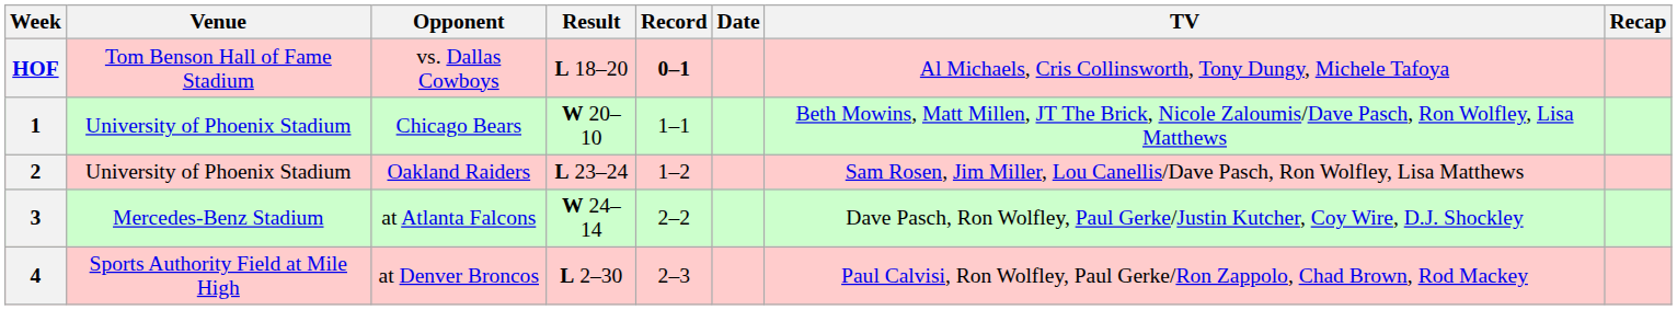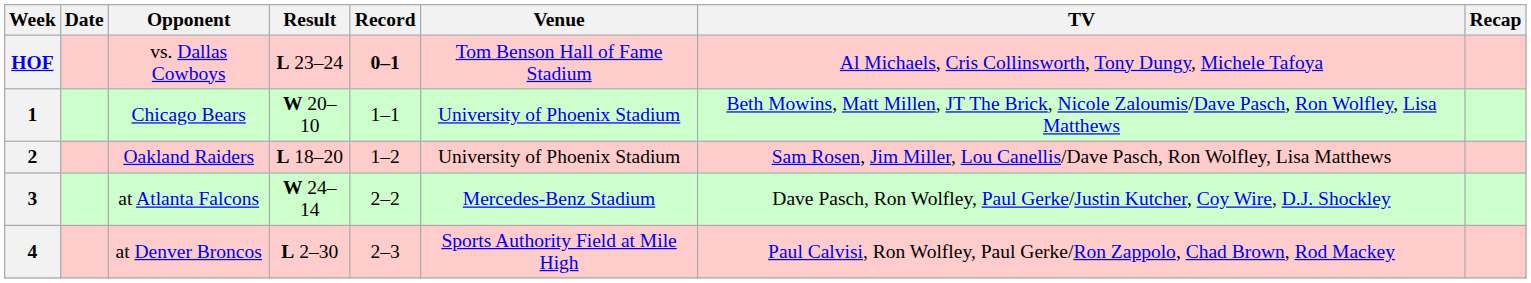 <table class="wikitable" style="text-align:center">
 <tr>
 <th>Week</th>
-<th>Venue</th>
+<th>Date</th>
 <th>Opponent</th>
 <th>Result</th>
 <th>Record</th>
-<th>Date</th>
+<th>Venue</th>
 <th>TV</th>
 <th>Recap</th>
 </tr>
 <tr style="background:#fcc">
 <th><a href='#'>HOF</a></th>
+<td></td>
+<td>vs. <a href='#'>Dallas Cowboys</a></td>
+<td><strong>L</strong> 23–24</td>
+<td><strong>0–1</strong></td>
 <td><a href='#'>Tom Benson Hall of Fame Stadium</a><br></td>
-<td>vs. <a href='#'>Dallas Cowboys</a></td>
-<td><strong>L</strong> 18–20</td>
-<td><strong>0–1</strong></td>
-<td></td>
 <td><a href='#'>Al Michaels</a>, <a href='#'>Cris Collinsworth</a>, <a href='#'>Tony Dungy</a>, <a href='#'>Michele Tafoya</a></td>
 <td></td>
 </tr>
 <tr style="background:#cfc">
 <th>1</th>
-<td><a href='#'>University of Phoenix Stadium</a></td>
+<td></td>
 <td><a href='#'>Chicago Bears</a></td>
 <td><strong>W</strong> 20–10</td>
 <td>1–1</td>
-<td></td>
+<td><a href='#'>University of Phoenix Stadium</a></td>
 <td><a href='#'>Beth Mowins</a>, <a href='#'>Matt Millen</a>, <a href='#'>JT The Brick</a>, <a href='#'>Nicole Zaloumis</a>/<a href='#'>Dave Pasch</a>, <a href='#'>Ron Wolfley</a>, <a href='#'>Lisa Matthews</a></td>
 <td></td>
 </tr>
 <tr style="background:#fcc">
 <th>2</th>
+<td></td>
+<td><a href='#'>Oakland Raiders</a></td>
+<td><strong>L</strong> 18–20</td>
+<td>1–2</td>
 <td>University of Phoenix Stadium</td>
-<td><a href='#'>Oakland Raiders</a></td>
-<td><strong>L</strong> 23–24</td>
-<td>1–2</td>
-<td></td>
 <td><a href='#'>Sam Rosen</a>, <a href='#'>Jim Miller</a>, <a href='#'>Lou Canellis</a>/Dave Pasch, Ron Wolfley, Lisa Matthews</td>
 <td></td>
 </tr>
 <tr style="background:#cfc">
 <th>3</th>
-<td><a href='#'>Mercedes-Benz Stadium</a></td>
+<td></td>
 <td>at <a href='#'>Atlanta Falcons</a></td>
 <td><strong>W</strong> 24–14</td>
 <td>2–2</td>
-<td></td>
+<td><a href='#'>Mercedes-Benz Stadium</a></td>
 <td>Dave Pasch, Ron Wolfley, <a href='#'>Paul Gerke</a>/<a href='#'>Justin Kutcher</a>, <a href='#'>Coy Wire</a>, <a href='#'>D.J. Shockley</a></td>
 <td></td>
 </tr>
 <tr style="background:#fcc">
 <th>4</th>
-<td><a href='#'>Sports Authority Field at Mile High</a></td>
+<td></td>
 <td>at <a href='#'>Denver Broncos</a></td>
 <td><strong>L</strong> 2–30</td>
 <td>2–3</td>
-<td></td>
+<td><a href='#'>Sports Authority Field at Mile High</a></td>
 <td><a href='#'>Paul Calvisi</a>, Ron Wolfley, Paul Gerke/<a href='#'>Ron Zappolo</a>, <a href='#'>Chad Brown</a>, <a href='#'>Rod Mackey</a></td>
 <td></td>
 </tr>
 </table>
